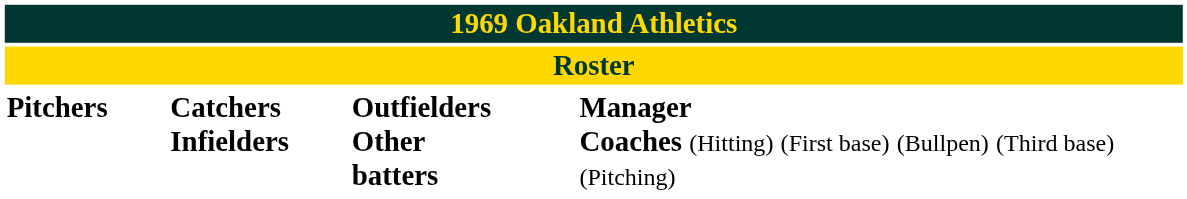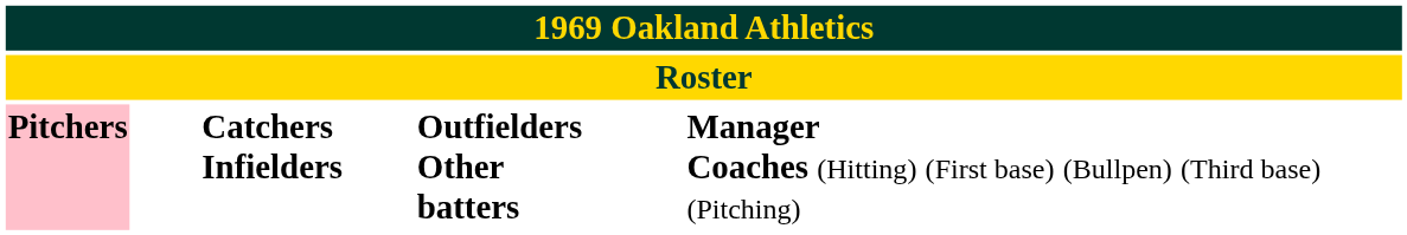 <table class="toccolours" style="font-size: 95%;">
 <tr>
 <th colspan="10" style="background-color: #003831; color: #FFD800; text-align: center;">1969 Oakland Athletics</th>
 </tr>
 <tr>
 <td colspan="10" style="background-color: #FFD800; color: #003831; text-align: center;"><strong>Roster</strong></td>
 </tr>
 <tr>
-<td valign="top"><strong>Pitchers</strong><br>              </td>
+<td valign="top" style="background: pink;"><strong>Pitchers</strong><br>              </td>
 <td width="25px"></td>
 <td valign="top"><strong>Catchers</strong><br>     <strong>Infielders</strong>         </td>
 <td width="25px"></td>
 <td valign="top"><strong>Outfielders</strong><br>         <strong>Other batters</strong>  </td>
 <td width="25px"></td>
 <td valign="top"><strong>Manager</strong><br>  <strong>Coaches</strong>  <small>(Hitting)</small>  <small>(First base)</small>  <small>(Bullpen)</small>  <small>(Third base)</small>  <small>(Pitching)</small></td>
 </tr>
 </table>
